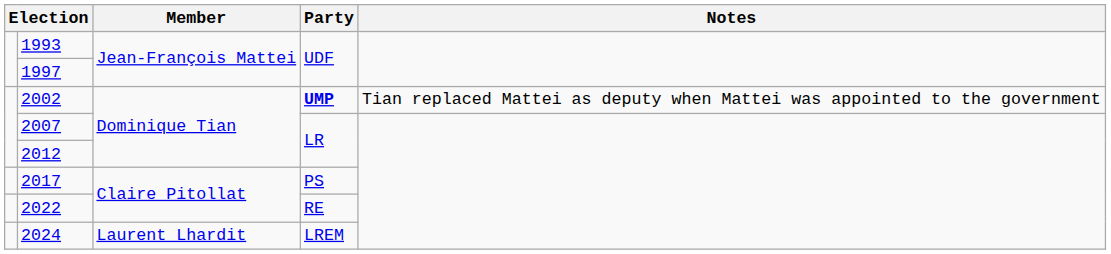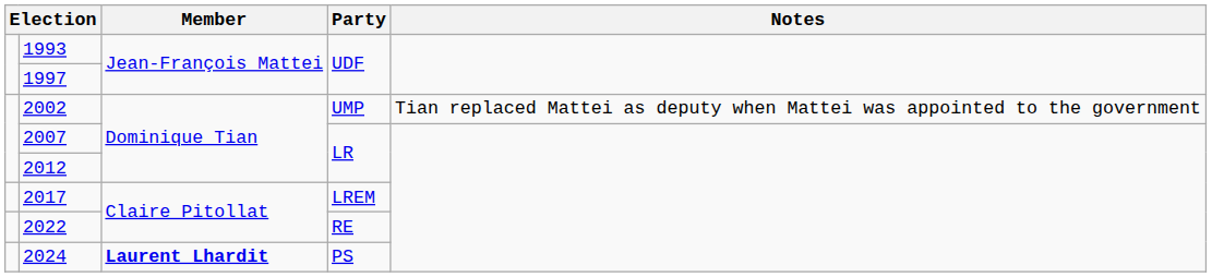 <table class="wikitable">
 <tr>
 <th colspan="2">Election</th>
 <th>Member</th>
 <th>Party</th>
 <th>Notes</th>
 </tr>
 <tr>
 <td rowspan="2" style="background-color: "></td>
 <td><a href='#'>1993</a></td>
 <td rowspan="2"><a href='#'>Jean-François Mattei</a></td>
 <td rowspan="2"><a href='#'>UDF</a></td>
 </tr>
 <tr>
 <td><a href='#'>1997</a></td>
 </tr>
 <tr>
 <td rowspan="3" style="background-color: "></td>
 <td><a href='#'>2002</a></td>
 <td rowspan="3"><a href='#'>Dominique Tian</a></td>
-<td><strong><a href='#'>UMP</a></strong></td>
+<td><a href='#'>UMP</a></td>
 <td>Tian replaced Mattei as deputy when Mattei was appointed to the government</td>
 </tr>
 <tr>
 <td><a href='#'>2007</a></td>
 <td rowspan="2"><a href='#'>LR</a></td>
 </tr>
 <tr>
 <td><a href='#'>2012</a></td>
 </tr>
 <tr>
 <td style="color:inherit;background-color: "></td>
 <td><a href='#'>2017</a></td>
 <td rowspan="2"><a href='#'>Claire Pitollat</a></td>
-<td><a href='#'>PS</a></td>
+<td><a href='#'>LREM</a></td>
 </tr>
 <tr>
 <td style="color:inherit;background-color: "></td>
 <td><a href='#'>2022</a></td>
 <td><a href='#'>RE</a></td>
 </tr>
 <tr>
 <td style="color:inherit;background-color: "></td>
 <td><a href='#'>2024</a></td>
-<td><a href='#'>Laurent Lhardit</a></td>
-<td><a href='#'>LREM</a></td>
+<td><strong><a href='#'>Laurent Lhardit</a></strong></td>
+<td><a href='#'>PS</a></td>
 </tr>
 </table>
